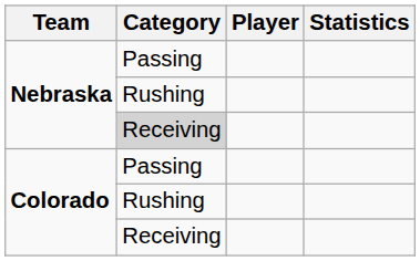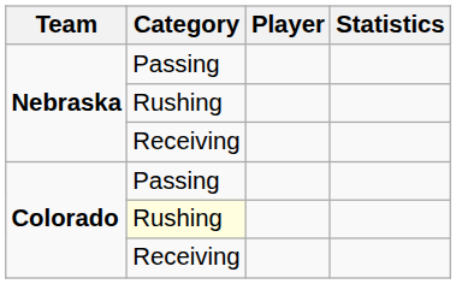 <table class="wikitable" style="float: right;">
 <tr>
 <th>Team</th>
 <th>Category</th>
 <th>Player</th>
 <th>Statistics</th>
 </tr>
 <tr>
 <td rowspan=3><strong>Nebraska</strong></td>
 <td>Passing</td>
 <td></td>
 <td></td>
 </tr>
 <tr>
 <td>Rushing</td>
 <td></td>
 <td></td>
 </tr>
 <tr>
-<td style="background: lightgrey;">Receiving</td>
+<td>Receiving</td>
 <td></td>
 <td></td>
 </tr>
 <tr>
 <td rowspan=3><strong>Colorado</strong></td>
 <td>Passing</td>
 <td></td>
 <td></td>
 </tr>
 <tr>
-<td>Rushing</td>
+<td style="background: lightyellow;">Rushing</td>
 <td></td>
 <td></td>
 </tr>
 <tr>
 <td>Receiving</td>
 <td></td>
 <td></td>
 </tr>
 </table>
